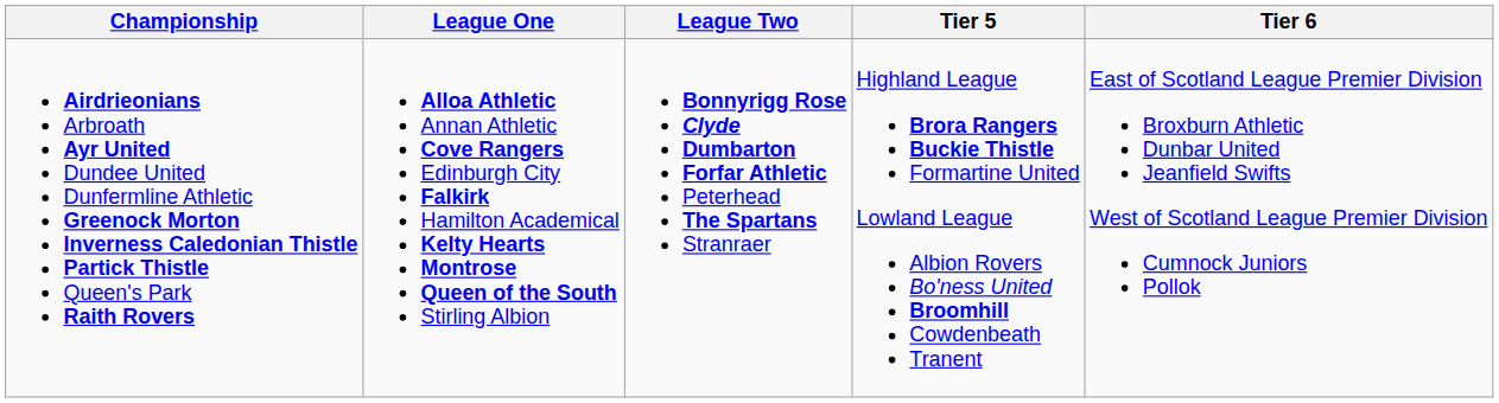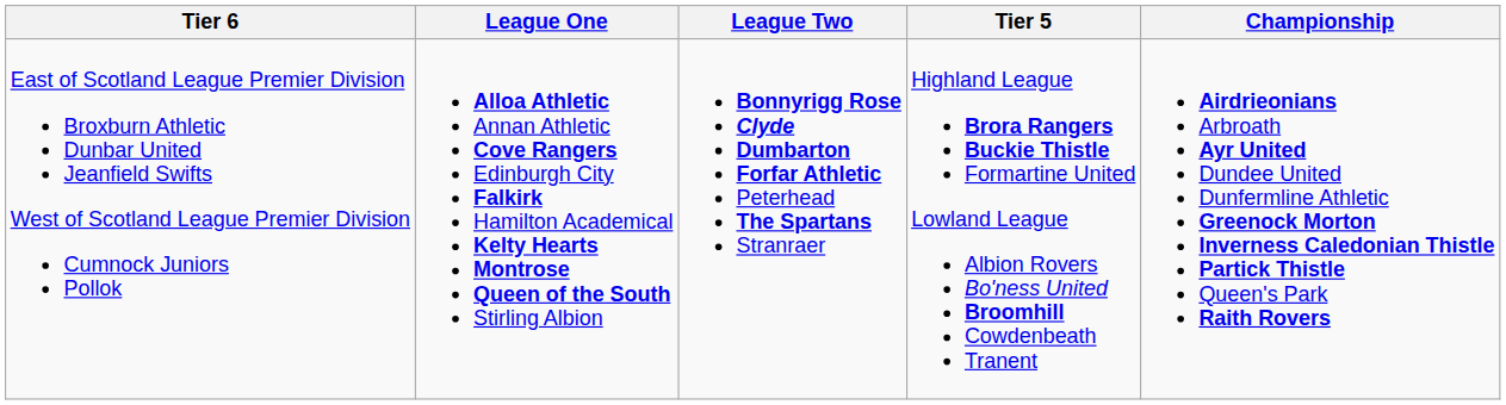 <table class="wikitable" style="text-align:left">
 <tr>
-<th><a href='#'>Championship</a></th>
+<th>Tier 6</th>
 <th><a href='#'>League One</a></th>
 <th><a href='#'>League Two</a></th>
 <th>Tier 5</th>
-<th>Tier 6</th>
+<th><a href='#'>Championship</a></th>
 </tr>
 <tr>
-<td valign="top"><br><ul><li><strong><a href='#'>Airdrieonians</a></strong></li><li><a href='#'>Arbroath</a></li><li><strong><a href='#'>Ayr United</a></strong></li><li><a href='#'>Dundee United</a></li><li><a href='#'>Dunfermline Athletic</a></li><li><strong><a href='#'>Greenock Morton</a></strong></li><li><strong><a href='#'>Inverness Caledonian Thistle</a></strong></li><li><strong><a href='#'>Partick Thistle</a></strong></li><li><a href='#'>Queen's Park</a></li><li><strong><a href='#'>Raith Rovers</a></strong></li></ul></td>
+<td valign=top><br><a href='#'>East of Scotland League Premier Division</a><ul><li><a href='#'>Broxburn Athletic</a></li><li><a href='#'>Dunbar United</a></li><li><a href='#'>Jeanfield Swifts</a></li></ul><a href='#'>West of Scotland League Premier Division</a><ul><li><a href='#'>Cumnock Juniors</a></li><li><a href='#'>Pollok</a></li></ul></td>
 <td valign=top><br><ul><li><strong><a href='#'>Alloa Athletic</a></strong></li><li><a href='#'>Annan Athletic</a></li><li><strong><a href='#'>Cove Rangers</a></strong></li><li><a href='#'>Edinburgh City</a></li><li><strong><a href='#'>Falkirk</a></strong></li><li><a href='#'>Hamilton Academical</a></li><li><strong><a href='#'>Kelty Hearts</a></strong></li><li><strong><a href='#'>Montrose</a></strong></li><li><strong><a href='#'>Queen of the South</a></strong></li><li><a href='#'>Stirling Albion</a></li></ul></td>
 <td valign=top><br><ul><li><strong><a href='#'>Bonnyrigg Rose</a></strong></li><li><strong><em><a href='#'>Clyde</a></em></strong></li><li><strong><a href='#'>Dumbarton</a></strong></li><li><strong><a href='#'>Forfar Athletic</a></strong></li><li><a href='#'>Peterhead</a></li><li><strong><a href='#'>The Spartans</a></strong></li><li><a href='#'>Stranraer</a></li></ul></td>
 <td valign=top><br><a href='#'>Highland League</a><ul><li><strong><a href='#'>Brora Rangers</a></strong></li><li><strong><a href='#'>Buckie Thistle</a></strong></li><li><a href='#'>Formartine United</a></li></ul><a href='#'>Lowland League</a><ul><li><a href='#'>Albion Rovers</a></li><li><em><a href='#'>Bo'ness United</a></em></li><li><strong><a href='#'>Broomhill</a></strong></li><li><a href='#'>Cowdenbeath</a></li><li><a href='#'>Tranent</a></li></ul></td>
-<td valign=top><br><a href='#'>East of Scotland League Premier Division</a><ul><li><a href='#'>Broxburn Athletic</a></li><li><a href='#'>Dunbar United</a></li><li><a href='#'>Jeanfield Swifts</a></li></ul><a href='#'>West of Scotland League Premier Division</a><ul><li><a href='#'>Cumnock Juniors</a></li><li><a href='#'>Pollok</a></li></ul></td>
+<td valign="top"><br><ul><li><strong><a href='#'>Airdrieonians</a></strong></li><li><a href='#'>Arbroath</a></li><li><strong><a href='#'>Ayr United</a></strong></li><li><a href='#'>Dundee United</a></li><li><a href='#'>Dunfermline Athletic</a></li><li><strong><a href='#'>Greenock Morton</a></strong></li><li><strong><a href='#'>Inverness Caledonian Thistle</a></strong></li><li><strong><a href='#'>Partick Thistle</a></strong></li><li><a href='#'>Queen's Park</a></li><li><strong><a href='#'>Raith Rovers</a></strong></li></ul></td>
 </tr>
 </table>
